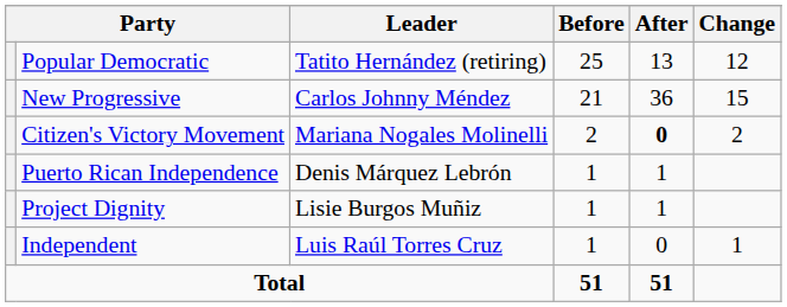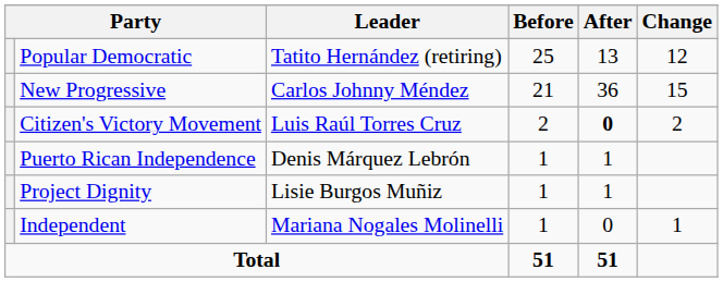 <table class="wikitable" style="text-align:center;">
 <tr>
 </tr>
 <tr>
 <th colspan="2">Party</th>
 <th>Leader</th>
 <th>Before</th>
 <th>After</th>
 <th>Change</th>
 </tr>
 <tr>
 <th style="background-color:"></th>
 <td style="text-align:left;"><a href='#'>Popular Democratic</a></td>
 <td style="text-align:left;"><a href='#'>Tatito Hernández</a> (retiring)</td>
 <td>25</td>
 <td>13</td>
 <td> 12</td>
 </tr>
 <tr>
 <th style="background-color:"></th>
 <td style="text-align:left;"><a href='#'>New Progressive</a></td>
 <td style="text-align:left;"><a href='#'>Carlos Johnny Méndez</a></td>
 <td>21</td>
 <td>36</td>
 <td> 15</td>
 </tr>
 <tr>
 <th style="background-color:"></th>
 <td style="text-align:left;"><a href='#'>Citizen's Victory Movement</a></td>
-<td style="text-align:left;"><a href='#'>Mariana Nogales Molinelli</a></td>
+<td style="text-align:left;"><a href='#'>Luis Raúl Torres Cruz</a></td>
 <td>2</td>
 <td><strong>0</strong></td>
 <td> 2</td>
 </tr>
 <tr>
 <th style="background-color:"></th>
 <td style="text-align:left;"><a href='#'>Puerto Rican Independence</a></td>
 <td style="text-align:left;">Denis Márquez Lebrón</td>
 <td>1</td>
 <td>1</td>
 <td></td>
 </tr>
 <tr>
 <th style="background-color:"></th>
 <td style="text-align:left;"><a href='#'>Project Dignity</a></td>
 <td style="text-align:left;">Lisie Burgos Muñiz</td>
 <td>1</td>
 <td>1</td>
 <td></td>
 </tr>
 <tr>
 <th style="background-color:"></th>
 <td style="text-align:left;"><a href='#'>Independent</a></td>
-<td style="text-align:left;"><a href='#'>Luis Raúl Torres Cruz</a></td>
+<td style="text-align:left;"><a href='#'>Mariana Nogales Molinelli</a></td>
 <td>1</td>
 <td>0</td>
 <td> 1</td>
 </tr>
 <tr>
 <td colspan="3"><strong>Total</strong></td>
 <td><strong>51</strong></td>
 <td><strong>51</strong></td>
 <td></td>
 </tr>
 </table>
